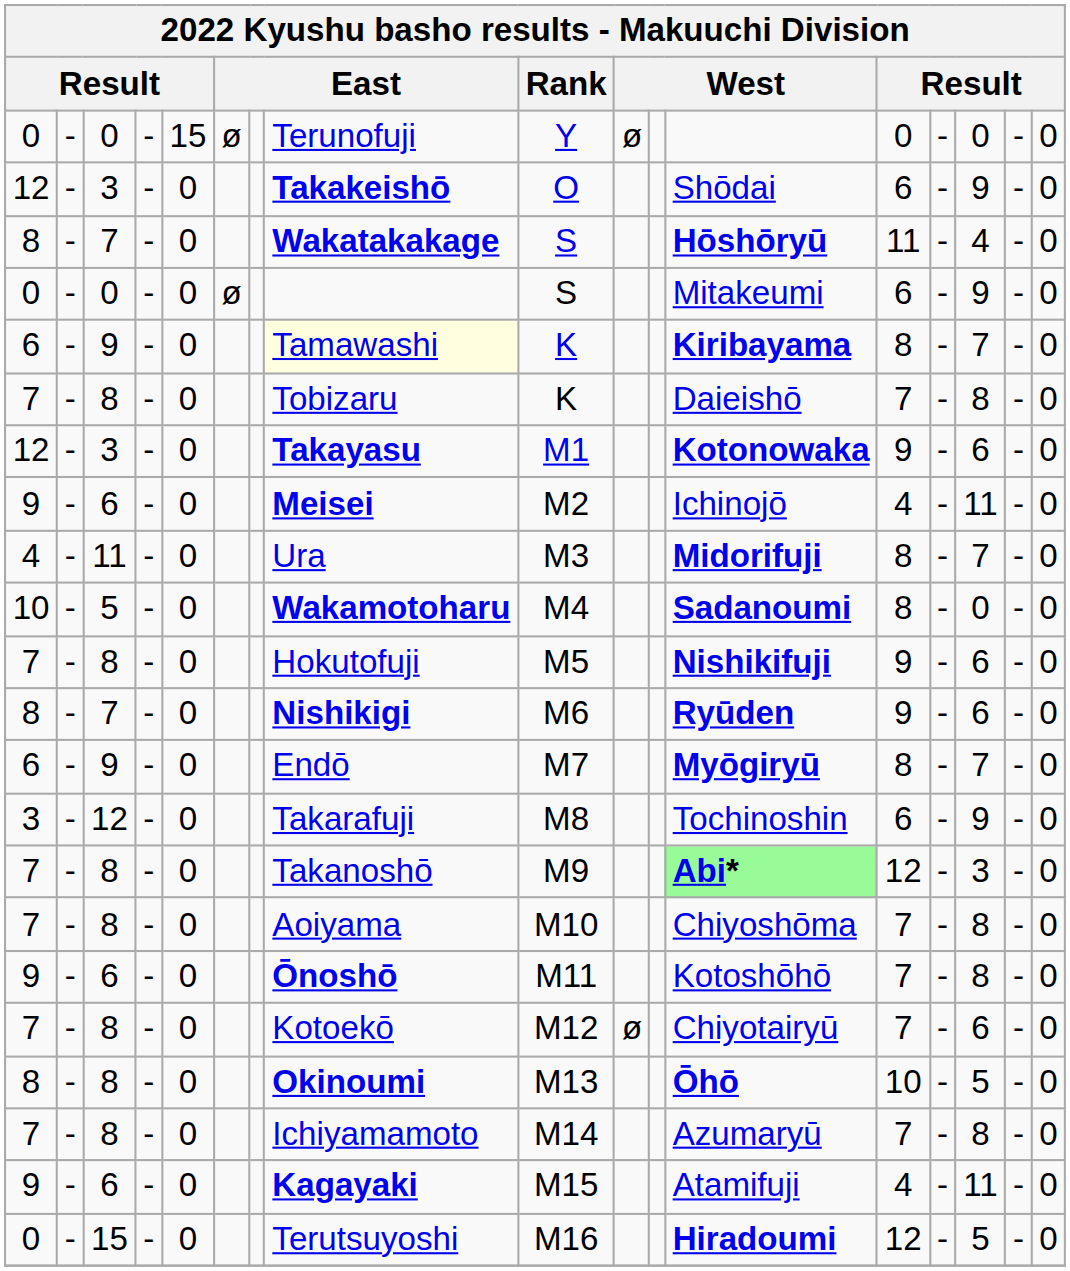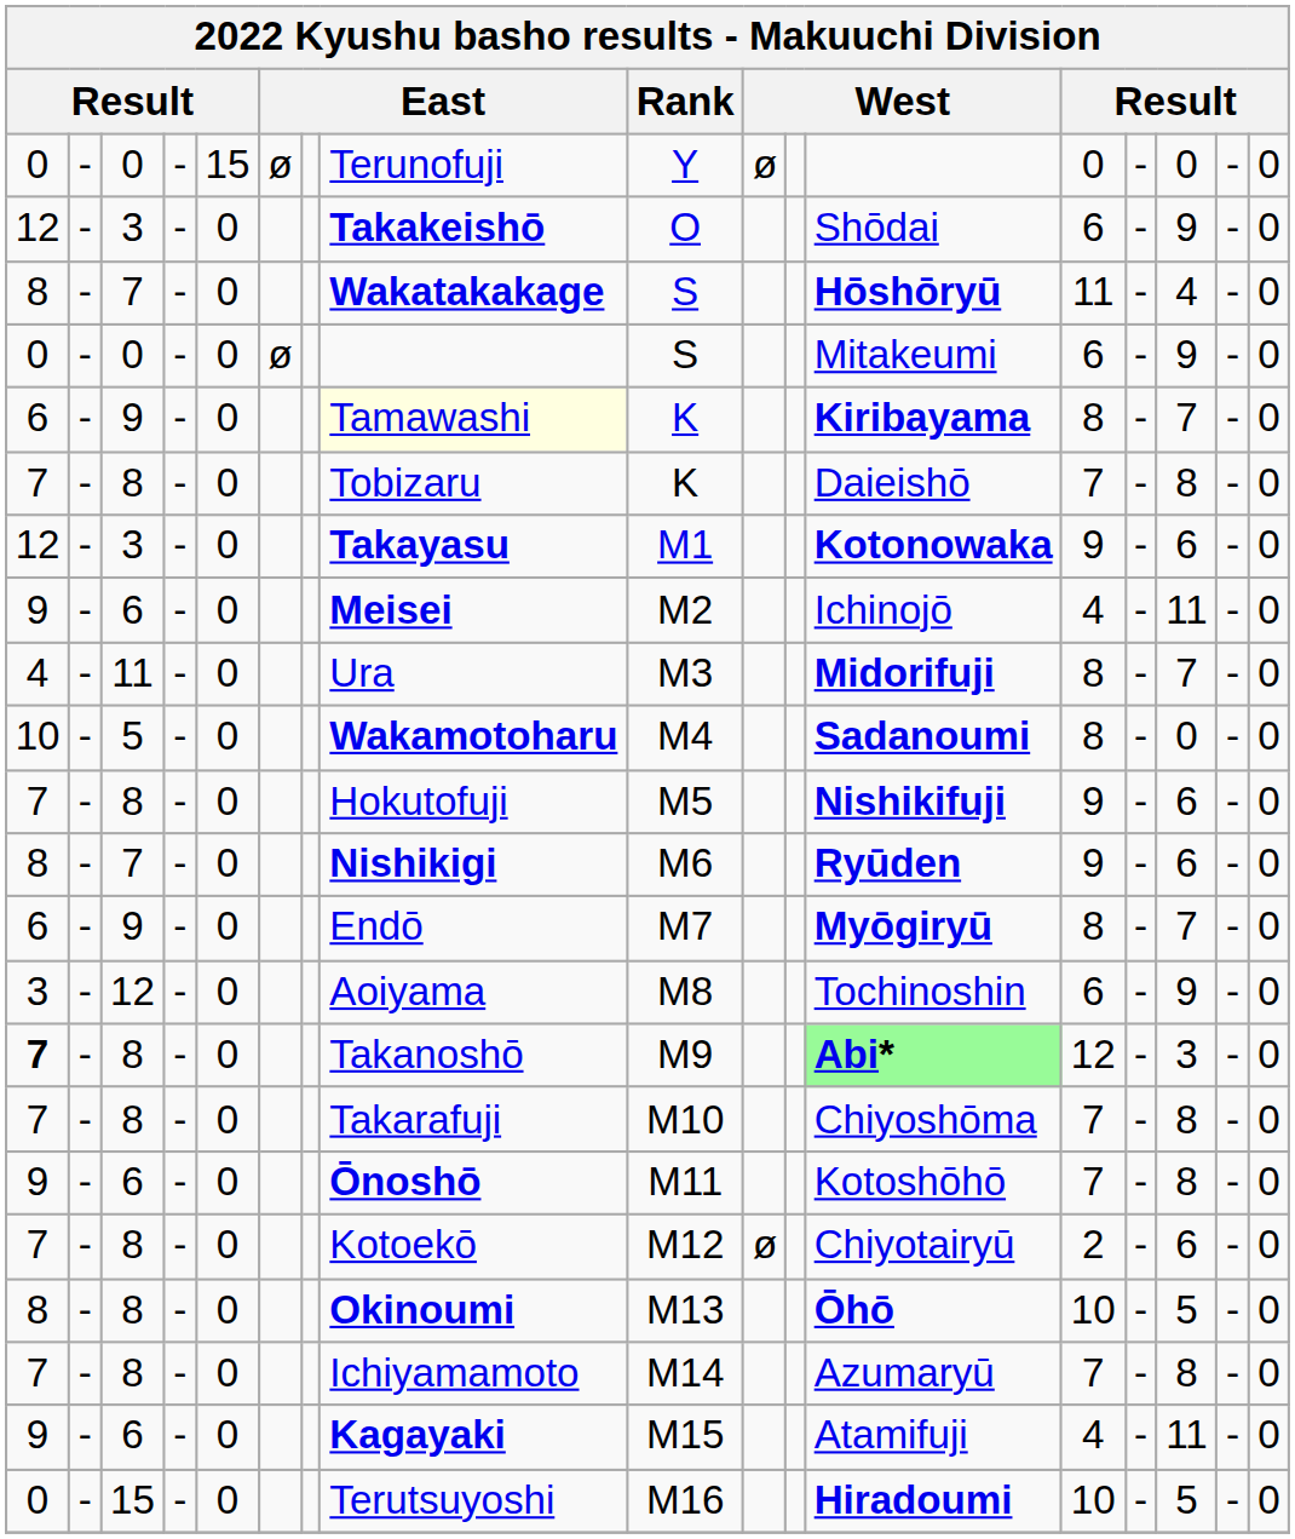 <table class="wikitable" style="text-align:center">
 <tr>
 <th colspan="17">2022 Kyushu basho results - Makuuchi Division</th>
 </tr>
 <tr>
 <th colspan="5">Result</th>
 <th colspan="3">East</th>
 <th>Rank</th>
 <th colspan="3">West</th>
 <th colspan="5">Result</th>
 </tr>
 <tr>
 <td>0</td>
 <td>-</td>
 <td>0</td>
 <td>-</td>
 <td>15</td>
 <td>ø</td>
 <td></td>
 <td style="text-align:left;"><a href='#'>Terunofuji</a></td>
 <td><a href='#'>Y</a></td>
 <td>ø</td>
 <td></td>
 <td></td>
 <td>0</td>
 <td>-</td>
 <td>0</td>
 <td>-</td>
 <td>0</td>
 </tr>
 <tr>
 <td>12</td>
 <td>-</td>
 <td>3</td>
 <td>-</td>
 <td>0</td>
 <td></td>
 <td></td>
 <td style="text-align:left;"><strong><a href='#'>Takakeishō</a></strong></td>
 <td><a href='#'>O</a></td>
 <td></td>
 <td></td>
 <td style="text-align:left"><a href='#'>Shōdai</a></td>
 <td>6</td>
 <td>-</td>
 <td>9</td>
 <td>-</td>
 <td>0</td>
 </tr>
 <tr>
 <td>8</td>
 <td>-</td>
 <td>7</td>
 <td>-</td>
 <td>0</td>
 <td></td>
 <td></td>
 <td style="text-align:left;"><strong><a href='#'>Wakatakakage</a></strong></td>
 <td><a href='#'>S</a></td>
 <td></td>
 <td></td>
 <td style="text-align:left;"><strong><a href='#'>Hōshōryū</a></strong></td>
 <td>11</td>
 <td>-</td>
 <td>4</td>
 <td>-</td>
 <td>0</td>
 </tr>
 <tr>
 <td>0</td>
 <td>-</td>
 <td>0</td>
 <td>-</td>
 <td>0</td>
 <td>ø</td>
 <td></td>
 <td></td>
 <td>S</td>
 <td></td>
 <td></td>
 <td style="text-align:left;"><a href='#'>Mitakeumi</a></td>
 <td>6</td>
 <td>-</td>
 <td>9</td>
 <td>-</td>
 <td>0</td>
 </tr>
 <tr>
 <td>6</td>
 <td>-</td>
 <td>9</td>
 <td>-</td>
 <td>0</td>
 <td></td>
 <td></td>
 <td style="background: lightyellow; text-align:left;"><a href='#'>Tamawashi</a></td>
 <td><a href='#'>K</a></td>
 <td></td>
 <td></td>
 <td style="text-align:left;"><strong><a href='#'>Kiribayama</a></strong></td>
 <td>8</td>
 <td>-</td>
 <td>7</td>
 <td>-</td>
 <td>0</td>
 </tr>
 <tr>
 <td>7</td>
 <td>-</td>
 <td>8</td>
 <td>-</td>
 <td>0</td>
 <td></td>
 <td></td>
 <td style="text-align:left;"><a href='#'>Tobizaru</a></td>
 <td>K</td>
 <td></td>
 <td></td>
 <td style="text-align:left;"><a href='#'>Daieishō</a></td>
 <td>7</td>
 <td>-</td>
 <td>8</td>
 <td>-</td>
 <td>0</td>
 </tr>
 <tr>
 <td>12</td>
 <td>-</td>
 <td>3</td>
 <td>-</td>
 <td>0</td>
 <td></td>
 <td></td>
 <td style="text-align:left;"><strong><a href='#'>Takayasu</a></strong></td>
 <td><a href='#'>M1</a></td>
 <td></td>
 <td></td>
 <td style="text-align:left;"><strong><a href='#'>Kotonowaka</a></strong></td>
 <td>9</td>
 <td>-</td>
 <td>6</td>
 <td>-</td>
 <td>0</td>
 </tr>
 <tr>
 <td>9</td>
 <td>-</td>
 <td>6</td>
 <td>-</td>
 <td>0</td>
 <td></td>
 <td></td>
 <td style="text-align:left;"><strong><a href='#'>Meisei</a></strong></td>
 <td>M2</td>
 <td></td>
 <td></td>
 <td style="text-align:left;"><a href='#'>Ichinojō</a></td>
 <td>4</td>
 <td>-</td>
 <td>11</td>
 <td>-</td>
 <td>0</td>
 </tr>
 <tr>
 <td>4</td>
 <td>-</td>
 <td>11</td>
 <td>-</td>
 <td>0</td>
 <td></td>
 <td></td>
 <td style="text-align:left;"><a href='#'>Ura</a></td>
 <td>M3</td>
 <td></td>
 <td></td>
 <td style="text-align:left;"><strong><a href='#'>Midorifuji</a></strong></td>
 <td>8</td>
 <td>-</td>
 <td>7</td>
 <td>-</td>
 <td>0</td>
 </tr>
 <tr>
 <td>10</td>
 <td>-</td>
 <td>5</td>
 <td>-</td>
 <td>0</td>
 <td></td>
 <td></td>
 <td style="text-align:left;"><strong><a href='#'>Wakamotoharu</a></strong></td>
 <td>M4</td>
 <td></td>
 <td></td>
 <td style="text-align:left;"><strong><a href='#'>Sadanoumi</a></strong></td>
 <td>8</td>
 <td>-</td>
 <td>0</td>
 <td>-</td>
 <td>0</td>
 </tr>
 <tr>
 <td>7</td>
 <td>-</td>
 <td>8</td>
 <td>-</td>
 <td>0</td>
 <td></td>
 <td></td>
 <td style="text-align:left;"><a href='#'>Hokutofuji</a></td>
 <td>M5</td>
 <td></td>
 <td></td>
 <td style="text-align:left;"><strong><a href='#'>Nishikifuji</a></strong></td>
 <td>9</td>
 <td>-</td>
 <td>6</td>
 <td>-</td>
 <td>0</td>
 </tr>
 <tr>
 <td>8</td>
 <td>-</td>
 <td>7</td>
 <td>-</td>
 <td>0</td>
 <td></td>
 <td></td>
 <td style="text-align:left;"><strong><a href='#'>Nishikigi</a></strong></td>
 <td>M6</td>
 <td></td>
 <td></td>
 <td style="text-align:left;"><strong><a href='#'>Ryūden</a></strong></td>
 <td>9</td>
 <td>-</td>
 <td>6</td>
 <td>-</td>
 <td>0</td>
 </tr>
 <tr>
 <td>6</td>
 <td>-</td>
 <td>9</td>
 <td>-</td>
 <td>0</td>
 <td></td>
 <td></td>
 <td style="text-align:left;"><a href='#'>Endō</a></td>
 <td>M7</td>
 <td></td>
 <td></td>
 <td style="text-align:left;"><strong><a href='#'>Myōgiryū</a></strong></td>
 <td>8</td>
 <td>-</td>
 <td>7</td>
 <td>-</td>
 <td>0</td>
 </tr>
 <tr>
 <td>3</td>
 <td>-</td>
 <td>12</td>
 <td>-</td>
 <td>0</td>
 <td></td>
 <td></td>
-<td style="text-align:left;"><a href='#'>Takarafuji</a></td>
+<td style="text-align:left;"><a href='#'>Aoiyama</a></td>
 <td>M8</td>
 <td></td>
 <td></td>
 <td style="text-align:left;"><a href='#'>Tochinoshin</a></td>
 <td>6</td>
 <td>-</td>
 <td>9</td>
 <td>-</td>
 <td>0</td>
 </tr>
 <tr>
-<td>7</td>
+<td><strong>7</strong></td>
 <td>-</td>
 <td>8</td>
 <td>-</td>
 <td>0</td>
 <td></td>
 <td></td>
 <td style="text-align:left;"><a href='#'>Takanoshō</a></td>
 <td>M9</td>
 <td></td>
 <td></td>
 <td style="text-align:left; background:palegreen;"><strong><a href='#'>Abi</a>*</strong></td>
 <td>12</td>
 <td>-</td>
 <td>3</td>
 <td>-</td>
 <td>0</td>
 </tr>
 <tr>
 <td>7</td>
 <td>-</td>
 <td>8</td>
 <td>-</td>
 <td>0</td>
 <td></td>
 <td></td>
-<td style="text-align:left;"><a href='#'>Aoiyama</a></td>
+<td style="text-align:left;"><a href='#'>Takarafuji</a></td>
 <td>M10</td>
 <td></td>
 <td></td>
 <td style="text-align:left;"><a href='#'>Chiyoshōma</a></td>
 <td>7</td>
 <td>-</td>
 <td>8</td>
 <td>-</td>
 <td>0</td>
 </tr>
 <tr>
 <td>9</td>
 <td>-</td>
 <td>6</td>
 <td>-</td>
 <td>0</td>
 <td></td>
 <td></td>
 <td style="text-align:left;"><strong><a href='#'>Ōnoshō</a></strong></td>
 <td>M11</td>
 <td></td>
 <td></td>
 <td style="text-align:left;"><a href='#'>Kotoshōhō</a></td>
 <td>7</td>
 <td>-</td>
 <td>8</td>
 <td>-</td>
 <td>0</td>
 </tr>
 <tr>
 <td>7</td>
 <td>-</td>
 <td>8</td>
 <td>-</td>
 <td>0</td>
 <td></td>
 <td></td>
 <td style="text-align:left;"><a href='#'>Kotoekō</a></td>
 <td>M12</td>
 <td>ø</td>
 <td></td>
 <td style="text-align:left;"><a href='#'>Chiyotairyū</a></td>
-<td>7</td>
+<td>2</td>
 <td>-</td>
 <td>6</td>
 <td>-</td>
 <td>0</td>
 </tr>
 <tr>
 <td>8</td>
 <td>-</td>
 <td>8</td>
 <td>-</td>
 <td>0</td>
 <td></td>
 <td></td>
 <td style="text-align:left;"><strong><a href='#'>Okinoumi</a></strong></td>
 <td>M13</td>
 <td></td>
 <td></td>
 <td style="text-align:left;"><strong><a href='#'>Ōhō</a></strong></td>
 <td>10</td>
 <td>-</td>
 <td>5</td>
 <td>-</td>
 <td>0</td>
 </tr>
 <tr>
 <td>7</td>
 <td>-</td>
 <td>8</td>
 <td>-</td>
 <td>0</td>
 <td></td>
 <td></td>
 <td style="text-align:left;"><a href='#'>Ichiyamamoto</a></td>
 <td>M14</td>
 <td></td>
 <td></td>
 <td style="text-align:left;"><a href='#'>Azumaryū</a></td>
 <td>7</td>
 <td>-</td>
 <td>8</td>
 <td>-</td>
 <td>0</td>
 </tr>
 <tr>
 <td>9</td>
 <td>-</td>
 <td>6</td>
 <td>-</td>
 <td>0</td>
 <td></td>
 <td></td>
 <td style="text-align:left;"><strong><a href='#'>Kagayaki</a></strong></td>
 <td>M15</td>
 <td></td>
 <td></td>
 <td style="text-align:left;"><a href='#'>Atamifuji</a></td>
 <td>4</td>
 <td>-</td>
 <td>11</td>
 <td>-</td>
 <td>0</td>
 </tr>
 <tr>
 <td>0</td>
 <td>-</td>
 <td>15</td>
 <td>-</td>
 <td>0</td>
 <td></td>
 <td></td>
 <td style="text-align:left;"><a href='#'>Terutsuyoshi</a></td>
 <td>M16</td>
 <td></td>
 <td></td>
 <td style="text-align:left;"><strong><a href='#'>Hiradoumi</a></strong></td>
-<td>12</td>
+<td>10</td>
 <td>-</td>
 <td>5</td>
 <td>-</td>
 <td>0</td>
 </tr>
 <tr>
 </tr>
 </table>
